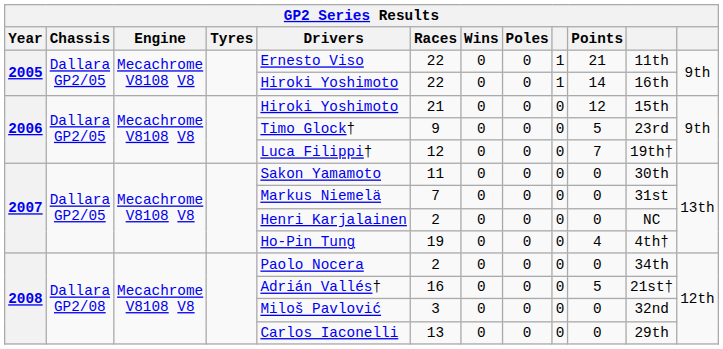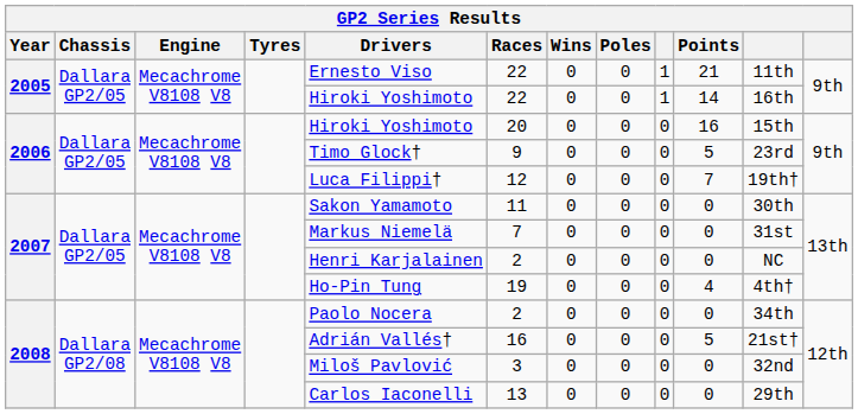 <table class="wikitable" style="text-align:center; font-size:85%">
 <tr>
 <th colspan=12><a href='#'>GP2 Series</a> Results</th>
 </tr>
 <tr>
 <th>Year</th>
 <th>Chassis</th>
 <th>Engine</th>
 <th>Tyres</th>
 <th>Drivers</th>
 <th>Races</th>
 <th>Wins</th>
 <th>Poles</th>
 <th></th>
 <th>Points</th>
 <th></th>
 <th></th>
 </tr>
 <tr>
 <th rowspan=2><a href='#'>2005</a></th>
 <td rowspan=2><a href='#'>Dallara</a><br><a href='#'>GP2/05</a></td>
 <td rowspan=2><a href='#'>Mecachrome</a><br><a href='#'>V8108</a> <a href='#'>V8</a></td>
 <td rowspan=2></td>
 <td align=left> <a href='#'>Ernesto Viso</a></td>
 <td>22</td>
 <td>0</td>
 <td>0</td>
 <td>1</td>
 <td>21</td>
 <td>11th</td>
 <td rowspan=2>9th</td>
 </tr>
 <tr>
 <td align=left> <a href='#'>Hiroki Yoshimoto</a></td>
 <td>22</td>
 <td>0</td>
 <td>0</td>
 <td>1</td>
 <td>14</td>
 <td>16th</td>
 </tr>
 <tr>
 <th rowspan=3><a href='#'>2006</a></th>
 <td rowspan=3><a href='#'>Dallara</a><br><a href='#'>GP2/05</a></td>
 <td rowspan=3><a href='#'>Mecachrome</a><br><a href='#'>V8108</a> <a href='#'>V8</a></td>
 <td rowspan=3></td>
 <td align=left> <a href='#'>Hiroki Yoshimoto</a></td>
-<td>21</td>
+<td>20</td>
 <td>0</td>
 <td>0</td>
 <td>0</td>
-<td>12</td>
+<td>16</td>
 <td>15th</td>
 <td rowspan=3>9th</td>
 </tr>
 <tr>
 <td align=left> <a href='#'>Timo Glock</a>†</td>
 <td>9</td>
 <td>0</td>
 <td>0</td>
 <td>0</td>
 <td>5</td>
 <td>23rd</td>
 </tr>
 <tr>
 <td align=left> <a href='#'>Luca Filippi</a>†</td>
 <td>12</td>
 <td>0</td>
 <td>0</td>
 <td>0</td>
 <td>7</td>
 <td>19th†</td>
 </tr>
 <tr>
 <th rowspan=4><a href='#'>2007</a></th>
 <td rowspan=4><a href='#'>Dallara</a><br><a href='#'>GP2/05</a></td>
 <td rowspan=4><a href='#'>Mecachrome</a><br><a href='#'>V8108</a> <a href='#'>V8</a></td>
 <td rowspan=4></td>
 <td align=left> <a href='#'>Sakon Yamamoto</a></td>
 <td>11</td>
 <td>0</td>
 <td>0</td>
 <td>0</td>
 <td>0</td>
 <td>30th</td>
 <td rowspan=4>13th</td>
 </tr>
 <tr>
 <td align=left> <a href='#'>Markus Niemelä</a></td>
 <td>7</td>
 <td>0</td>
 <td>0</td>
 <td>0</td>
 <td>0</td>
 <td>31st</td>
 </tr>
 <tr>
 <td align=left> <a href='#'>Henri Karjalainen</a></td>
 <td>2</td>
 <td>0</td>
 <td>0</td>
 <td>0</td>
 <td>0</td>
 <td>NC</td>
 </tr>
 <tr>
 <td align=left> <a href='#'>Ho-Pin Tung</a></td>
 <td>19</td>
 <td>0</td>
 <td>0</td>
 <td>0</td>
 <td>4</td>
 <td>4th†</td>
 </tr>
 <tr>
 <th rowspan=4><a href='#'>2008</a></th>
 <td rowspan=4><a href='#'>Dallara</a><br><a href='#'>GP2/08</a></td>
 <td rowspan=4><a href='#'>Mecachrome</a><br><a href='#'>V8108</a> <a href='#'>V8</a></td>
 <td rowspan=4></td>
 <td align=left> <a href='#'>Paolo Nocera</a></td>
 <td>2</td>
 <td>0</td>
 <td>0</td>
 <td>0</td>
 <td>0</td>
 <td>34th</td>
 <td rowspan=4>12th</td>
 </tr>
 <tr>
 <td align=left> <a href='#'>Adrián Vallés</a>†</td>
 <td>16</td>
 <td>0</td>
 <td>0</td>
 <td>0</td>
 <td>5</td>
 <td>21st†</td>
 </tr>
 <tr>
 <td align=left> <a href='#'>Miloš Pavlović</a></td>
 <td>3</td>
 <td>0</td>
 <td>0</td>
 <td>0</td>
 <td>0</td>
 <td>32nd</td>
 </tr>
 <tr>
 <td align=left> <a href='#'>Carlos Iaconelli</a></td>
 <td>13</td>
 <td>0</td>
 <td>0</td>
 <td>0</td>
 <td>0</td>
 <td>29th</td>
 </tr>
 </table>
